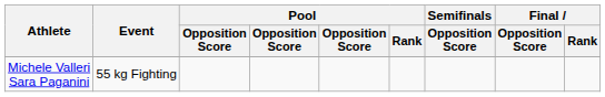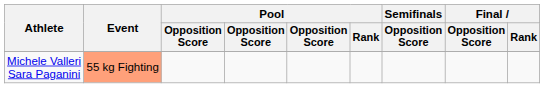 <table class=wikitable style="font-size:90%">
 <tr>
 <th rowspan="2">Athlete</th>
 <th rowspan="2">Event</th>
 <th colspan="4">Pool</th>
 <th>Semifinals</th>
 <th colspan="2">Final / </th>
 </tr>
 <tr style="font-size:95%">
 <th>Opposition<br>Score</th>
 <th>Opposition<br>Score</th>
 <th>Opposition<br>Score</th>
 <th>Rank</th>
 <th>Opposition<br>Score</th>
 <th>Opposition<br>Score</th>
 <th>Rank</th>
 </tr>
 <tr style="font-size:95%">
 </tr>
 <tr align=center>
 <td><a href='#'>Michele Valleri</a><br><a href='#'>Sara Paganini</a></td>
-<td>55 kg Fighting</td>
+<td style="background: lightsalmon;">55 kg Fighting</td>
 <td></td>
 <td></td>
 <td></td>
 <td></td>
 <td></td>
 <td></td>
 <td></td>
 </tr>
 </table>
